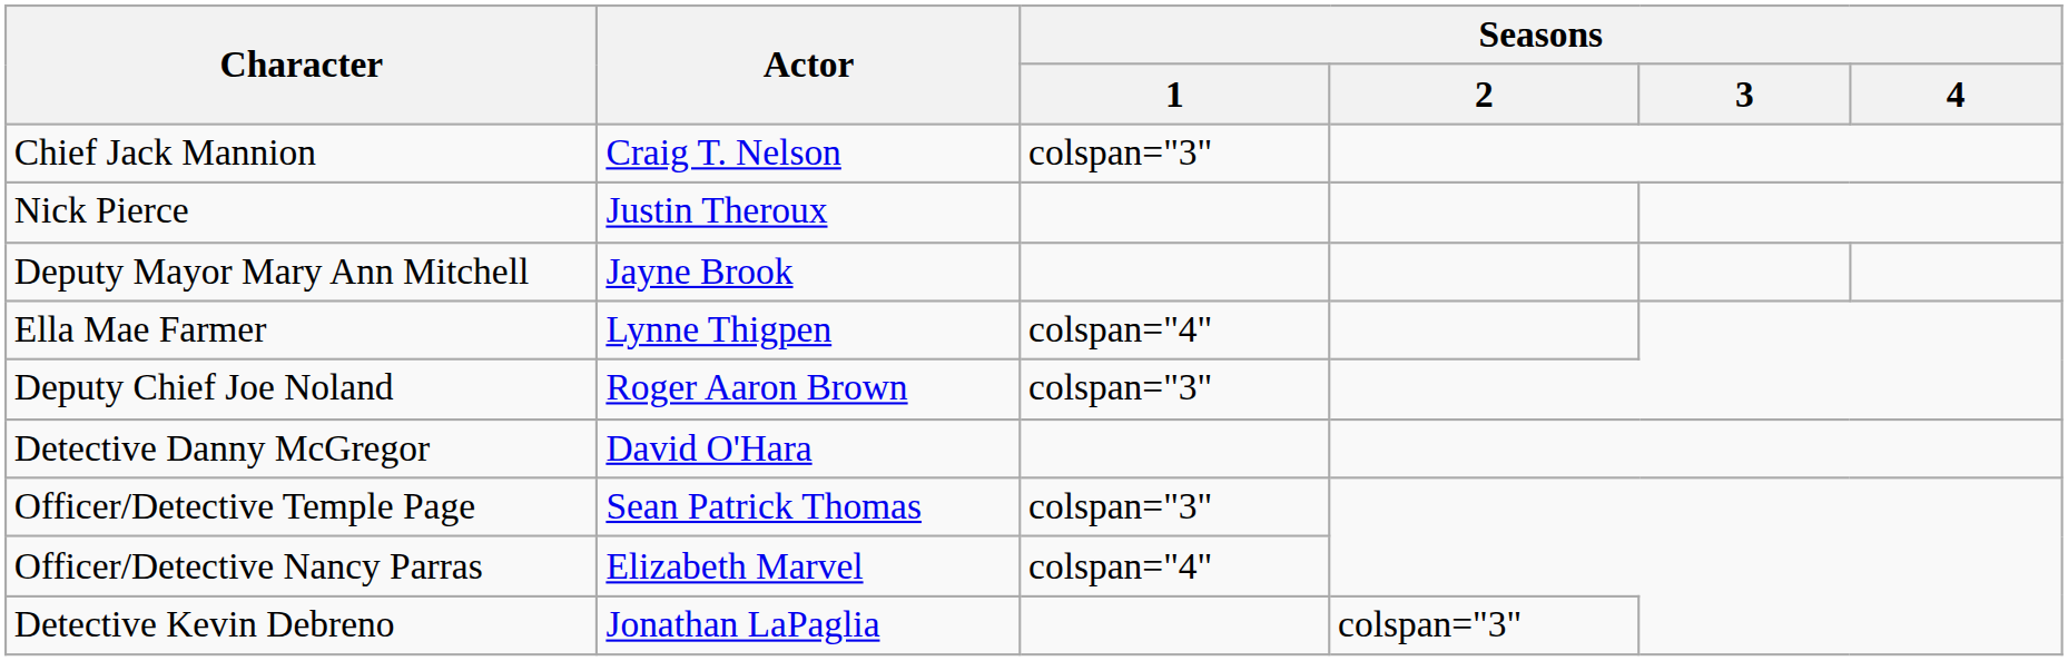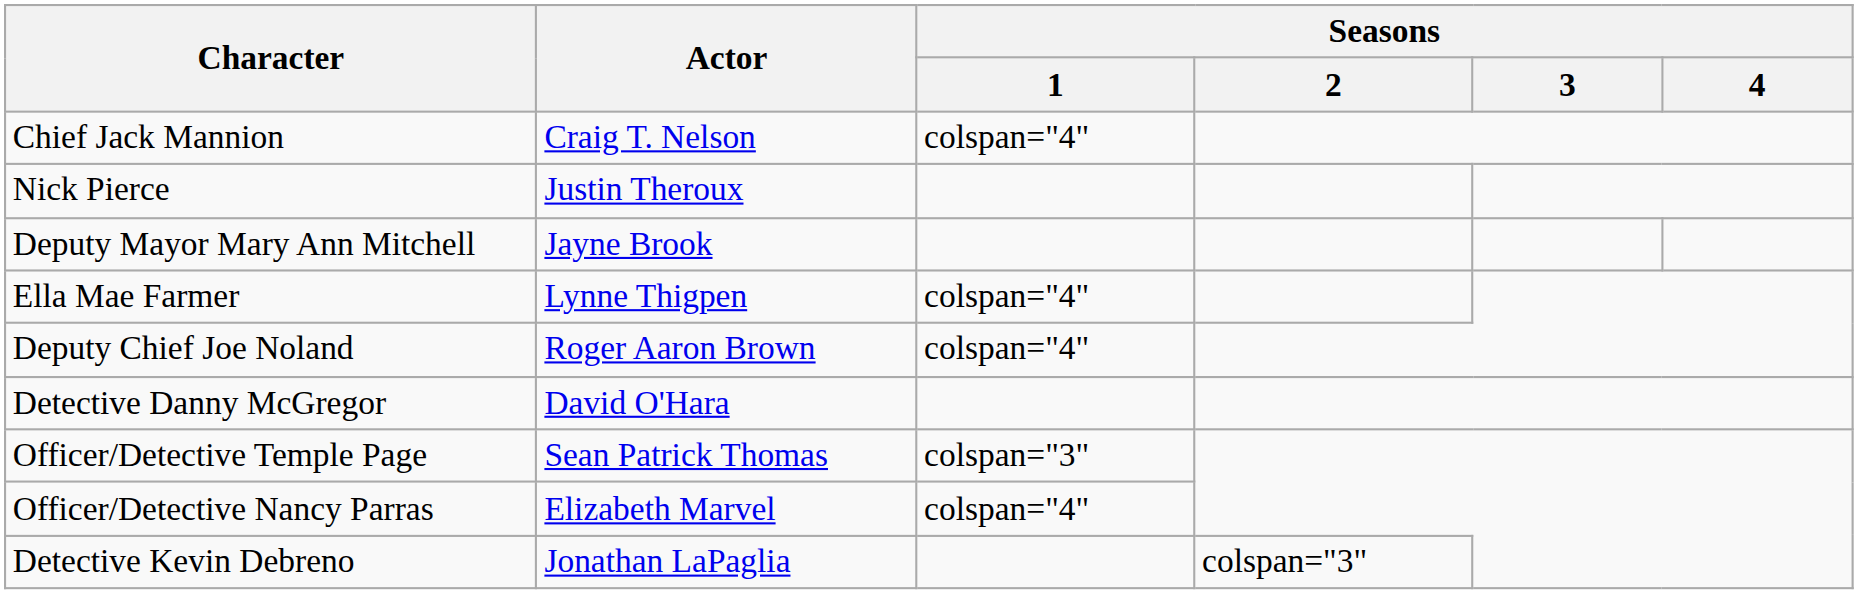 <table class="wikitable plainrowheaders" style="width:70%;">
 <tr>
 <th scope="col" rowspan="2" style="width:14%;">Character</th>
 <th scope="col" rowspan="2" style="width:10%;">Actor</th>
 <th scope="col" colspan="7">Seasons</th>
 </tr>
 <tr>
 <th scope="col" style="width:5%;">1</th>
 <th scope="col" style="width:5%;">2</th>
 <th scope="col" style="width:5%;">3</th>
 <th scope="col" style="width:5%;">4</th>
 </tr>
 <tr>
 <td>Chief Jack Mannion</td>
 <td><a href='#'>Craig T. Nelson</a></td>
-<td>colspan="3" </td>
+<td>colspan="4" </td>
 </tr>
 <tr>
 <td>Nick Pierce</td>
 <td><a href='#'>Justin Theroux</a></td>
 <td></td>
 <td></td>
 <td colspan="2"></td>
 </tr>
 <tr>
 <td>Deputy Mayor Mary Ann Mitchell</td>
 <td><a href='#'>Jayne Brook</a></td>
 <td></td>
 <td colspan="1"></td>
 <td></td>
 <td colspan="1"></td>
 </tr>
 <tr>
 <td>Ella Mae Farmer</td>
 <td><a href='#'>Lynne Thigpen</a></td>
 <td>colspan="4" </td>
 <td colspan="1"></td>
 </tr>
 <tr>
 <td>Deputy Chief Joe Noland</td>
 <td><a href='#'>Roger Aaron Brown</a></td>
-<td>colspan="3" </td>
+<td>colspan="4" </td>
 </tr>
 <tr>
 <td>Detective Danny McGregor</td>
 <td><a href='#'>David O'Hara</a></td>
 <td></td>
 <td colspan="3"></td>
 </tr>
 <tr>
 <td>Officer/Detective Temple Page</td>
 <td><a href='#'>Sean Patrick Thomas</a></td>
 <td>colspan="3" </td>
 </tr>
 <tr>
 <td>Officer/Detective Nancy Parras</td>
 <td><a href='#'>Elizabeth Marvel</a></td>
 <td>colspan="4" </td>
 </tr>
 <tr>
 <td>Detective Kevin Debreno</td>
 <td><a href='#'>Jonathan LaPaglia</a></td>
 <td colspan="1"></td>
 <td>colspan="3" </td>
 </tr>
 </table>
